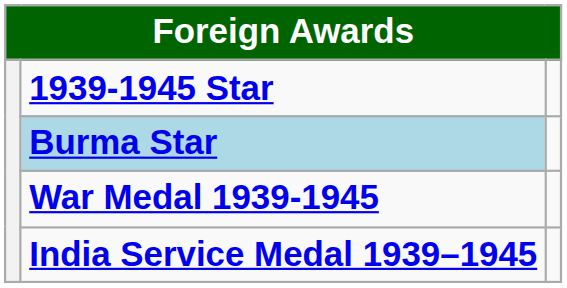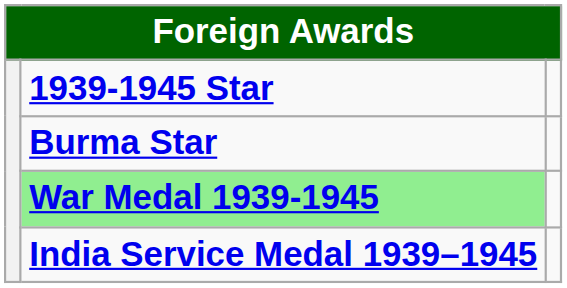 <table class="wikitable">
 <tr>
 <th colspan="3" style="background:#006400; color:#FFFFFF; text-align:center"><strong>Foreign Awards</strong></th>
 </tr>
 <tr>
 <th rowspan="4"><strong></strong></th>
 <td><strong><a href='#'>1939-1945 Star</a></strong></td>
 <td></td>
 </tr>
 <tr>
-<td style="background: lightblue;"><strong><a href='#'>Burma Star</a></strong></td>
+<td><strong><a href='#'>Burma Star</a></strong></td>
 <td></td>
 </tr>
 <tr>
-<td><strong><a href='#'>War Medal 1939-1945</a></strong></td>
+<td style="background: lightgreen;"><strong><a href='#'>War Medal 1939-1945</a></strong></td>
 <td></td>
 </tr>
 <tr>
 <td><a href='#'><strong>India Service Medal 1939–1945</strong></a></td>
 <td></td>
 </tr>
 </table>
